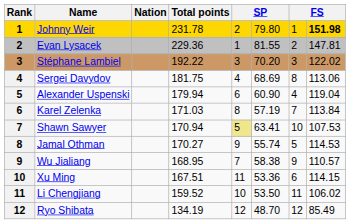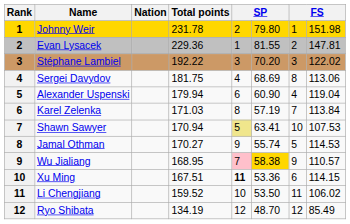 <table class="wikitable">
 <tr>
 <th>Rank</th>
 <th>Name</th>
 <th>Nation</th>
 <th>Total points</th>
 <th colspan="2" width="80px"><a href='#'>SP</a></th>
 <th colspan="2" width="80px"><a href='#'>FS</a></th>
 </tr>
 <tr bgcolor="gold">
 <td align="center"><strong>1</strong></td>
 <td><a href='#'>Johnny Weir</a></td>
 <td></td>
 <td>231.78</td>
 <td>2</td>
 <td>79.80</td>
 <td>1</td>
-<td><strong>151.98</strong></td>
+<td>151.98</td>
 </tr>
 <tr bgcolor="silver">
 <td align="center"><strong>2</strong></td>
 <td><a href='#'>Evan Lysacek</a></td>
 <td></td>
 <td>229.36</td>
 <td>1</td>
 <td>81.55</td>
 <td>2</td>
 <td>147.81</td>
 </tr>
 <tr bgcolor="cc9966">
 <td align="center"><strong>3</strong></td>
 <td><a href='#'>Stéphane Lambiel</a></td>
 <td></td>
 <td>192.22</td>
 <td>3</td>
 <td>70.20</td>
 <td>3</td>
 <td>122.02</td>
 </tr>
 <tr>
 <th>4</th>
 <td><a href='#'>Sergei Davydov</a></td>
 <td></td>
 <td>181.75</td>
 <td>4</td>
 <td>68.69</td>
 <td>8</td>
 <td>113.06</td>
 </tr>
 <tr>
 <th>5</th>
 <td><a href='#'>Alexander Uspenski</a></td>
 <td></td>
 <td>179.94</td>
 <td>6</td>
 <td>60.90</td>
 <td>4</td>
 <td>119.04</td>
 </tr>
 <tr>
 <th>6</th>
 <td><a href='#'>Karel Zelenka</a></td>
 <td></td>
 <td>171.03</td>
 <td>8</td>
 <td>57.19</td>
 <td>7</td>
 <td>113.84</td>
 </tr>
 <tr>
 <th>7</th>
 <td><a href='#'>Shawn Sawyer</a></td>
 <td></td>
 <td>170.94</td>
 <td style="background: khaki;">5</td>
 <td>63.41</td>
 <td>10</td>
 <td>107.53</td>
 </tr>
 <tr>
 <th>8</th>
 <td><a href='#'>Jamal Othman</a></td>
 <td></td>
 <td>170.27</td>
 <td>9</td>
 <td>55.74</td>
 <td>5</td>
 <td>114.53</td>
 </tr>
 <tr>
 <th>9</th>
 <td><a href='#'>Wu Jialiang</a></td>
 <td></td>
 <td>168.95</td>
-<td>7</td>
-<td>58.38</td>
+<td style="background: pink;">7</td>
+<td style="background: gold;">58.38</td>
 <td>9</td>
 <td>110.57</td>
 </tr>
 <tr>
 <th>10</th>
 <td><a href='#'>Xu Ming</a></td>
 <td></td>
 <td>167.51</td>
-<td>11</td>
+<td><strong>11</strong></td>
 <td>53.36</td>
 <td>6</td>
 <td>114.15</td>
 </tr>
 <tr>
 <th>11</th>
 <td><a href='#'>Li Chengjiang</a></td>
 <td></td>
 <td>159.52</td>
 <td>10</td>
 <td>53.50</td>
 <td>11</td>
 <td>106.02</td>
 </tr>
 <tr>
 <th>12</th>
 <td><a href='#'>Ryo Shibata</a></td>
 <td></td>
 <td>134.19</td>
 <td>12</td>
 <td>48.70</td>
 <td>12</td>
 <td>85.49</td>
 </tr>
 </table>
